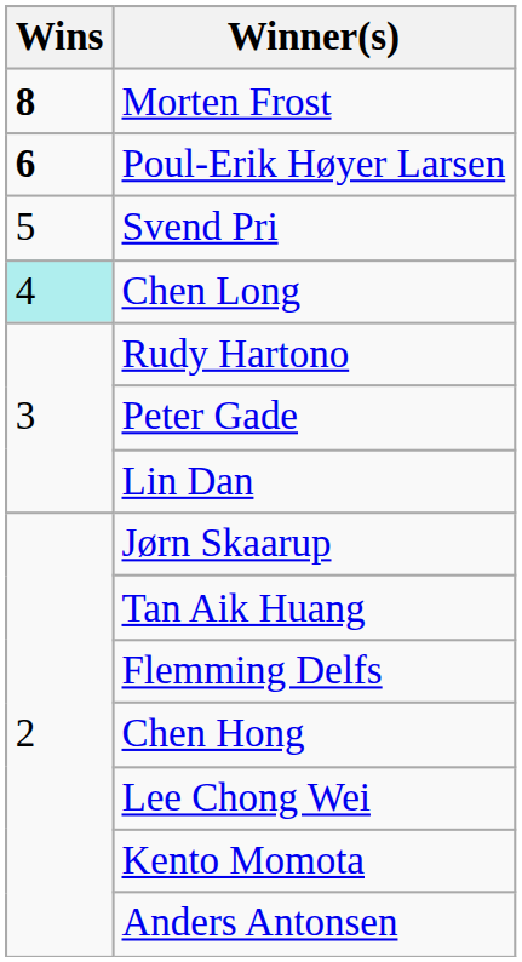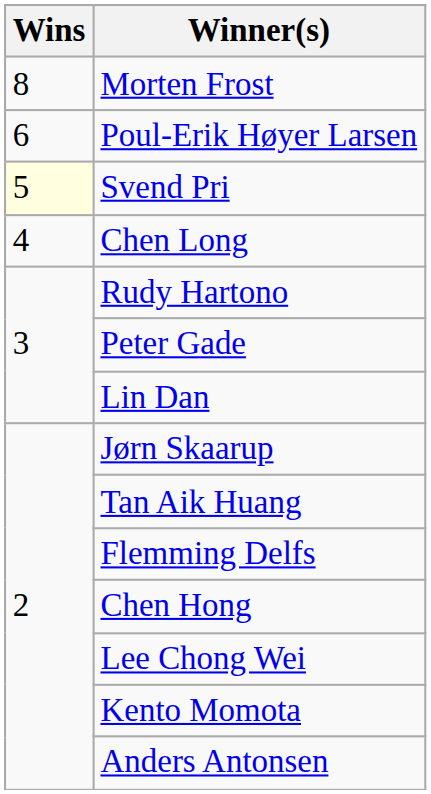 <table class="wikitable">
 <tr>
 <th>Wins</th>
 <th>Winner(s)</th>
 </tr>
 <tr>
-<td rowspan="1"><strong>8</strong></td>
+<td rowspan="1">8</td>
 <td><a href='#'>Morten Frost</a></td>
 </tr>
 <tr>
-<td rowspan="1"><strong>6</strong></td>
+<td rowspan="1">6</td>
 <td><a href='#'>Poul-Erik Høyer Larsen</a></td>
 </tr>
 <tr>
-<td rowspan="1">5</td>
+<td rowspan="1" style="background: lightyellow;">5</td>
 <td><a href='#'>Svend Pri</a></td>
 </tr>
 <tr>
-<td rowspan="1" style="background: paleturquoise;">4</td>
+<td rowspan="1">4</td>
 <td><a href='#'>Chen Long</a></td>
 </tr>
 <tr>
 <td rowspan="3">3</td>
 <td><a href='#'>Rudy Hartono</a></td>
 </tr>
 <tr>
 <td><a href='#'>Peter Gade</a></td>
 </tr>
 <tr>
 <td><a href='#'>Lin Dan</a></td>
 </tr>
 <tr>
 <td rowspan="7">2</td>
 <td><a href='#'>Jørn Skaarup</a></td>
 </tr>
 <tr>
 <td><a href='#'>Tan Aik Huang</a></td>
 </tr>
 <tr>
 <td><a href='#'>Flemming Delfs</a></td>
 </tr>
 <tr>
 <td><a href='#'>Chen Hong</a></td>
 </tr>
 <tr>
 <td><a href='#'>Lee Chong Wei</a></td>
 </tr>
 <tr>
 <td><a href='#'>Kento Momota</a></td>
 </tr>
 <tr>
 <td><a href='#'>Anders Antonsen</a></td>
 </tr>
 </table>
